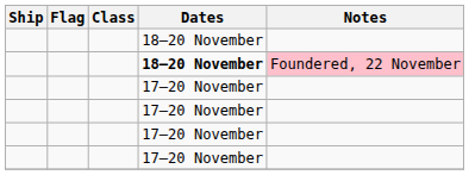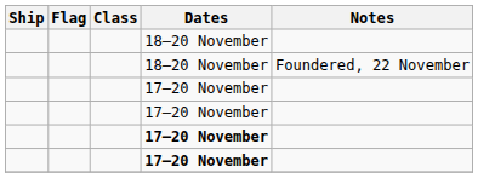 <table class="wikitable sortable">
 <tr>
 <th>Ship</th>
 <th>Flag</th>
 <th>Class</th>
 <th>Dates</th>
 <th>Notes</th>
 </tr>
 <tr>
 <td></td>
 <td></td>
 <td></td>
 <td>18–20 November</td>
 <td></td>
 </tr>
 <tr>
 <td></td>
 <td></td>
 <td></td>
-<td><strong>18–20 November</strong></td>
-<td style="background: pink;">Foundered, 22 November</td>
+<td>18–20 November</td>
+<td>Foundered, 22 November</td>
 </tr>
 <tr>
 <td></td>
 <td></td>
 <td></td>
 <td>17–20 November</td>
 <td></td>
 </tr>
 <tr>
 <td></td>
 <td></td>
 <td></td>
 <td>17–20 November</td>
 <td></td>
 </tr>
 <tr>
 <td></td>
 <td></td>
 <td></td>
-<td>17–20 November</td>
+<td><strong>17–20 November</strong></td>
 <td></td>
 </tr>
 <tr>
 <td></td>
 <td></td>
 <td></td>
-<td>17–20 November</td>
+<td><strong>17–20 November</strong></td>
 <td></td>
 </tr>
 <tr>
 </tr>
 </table>
